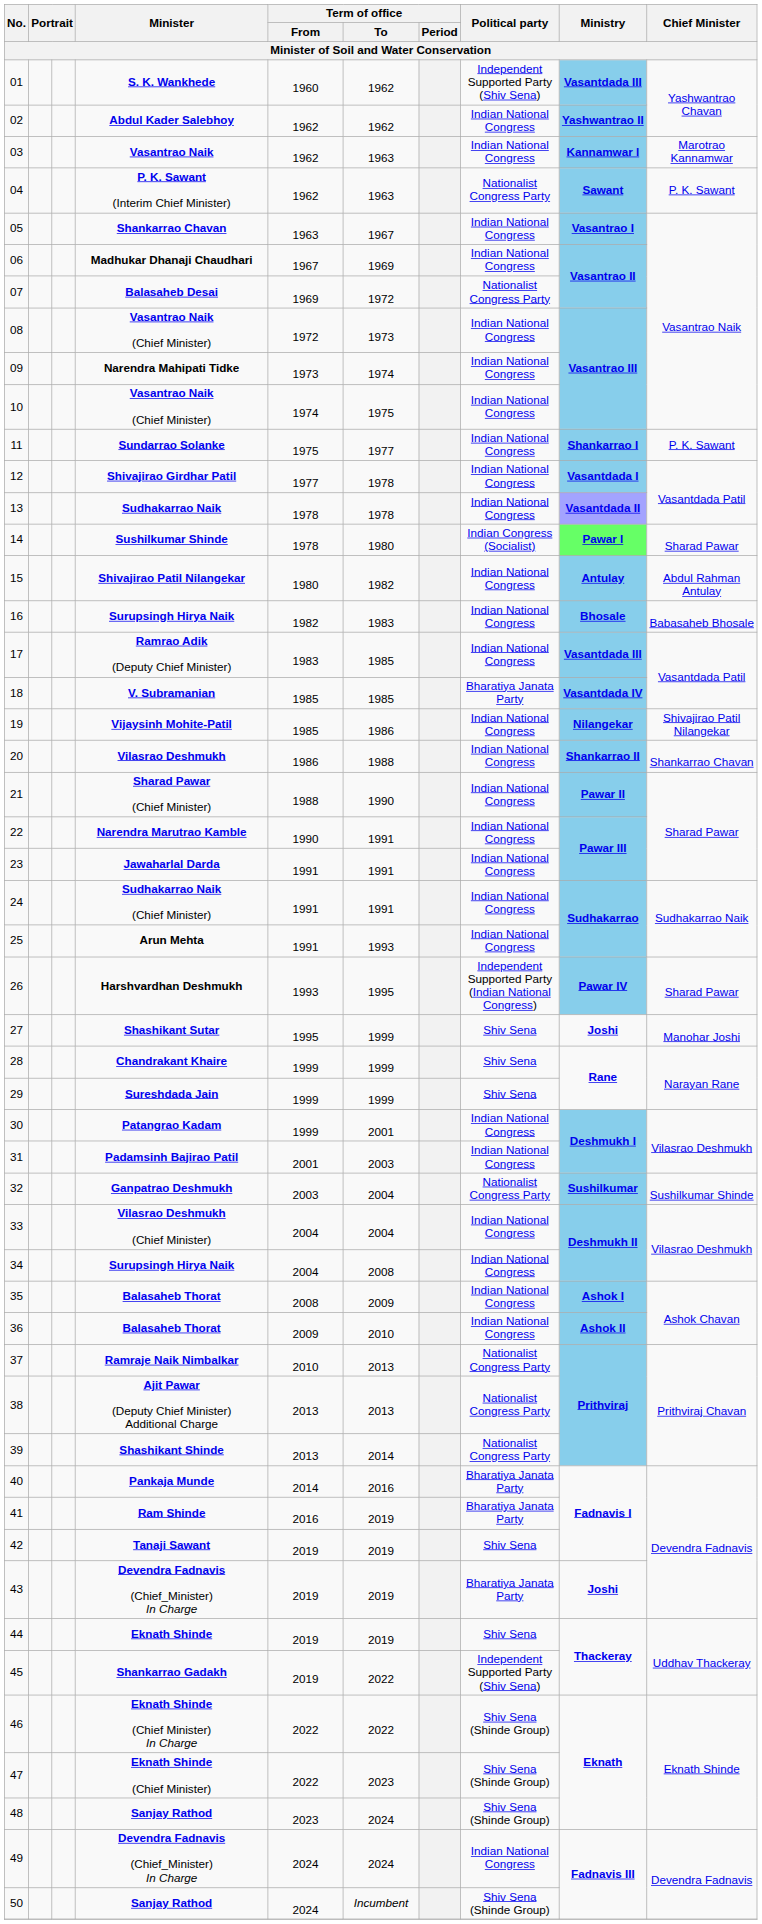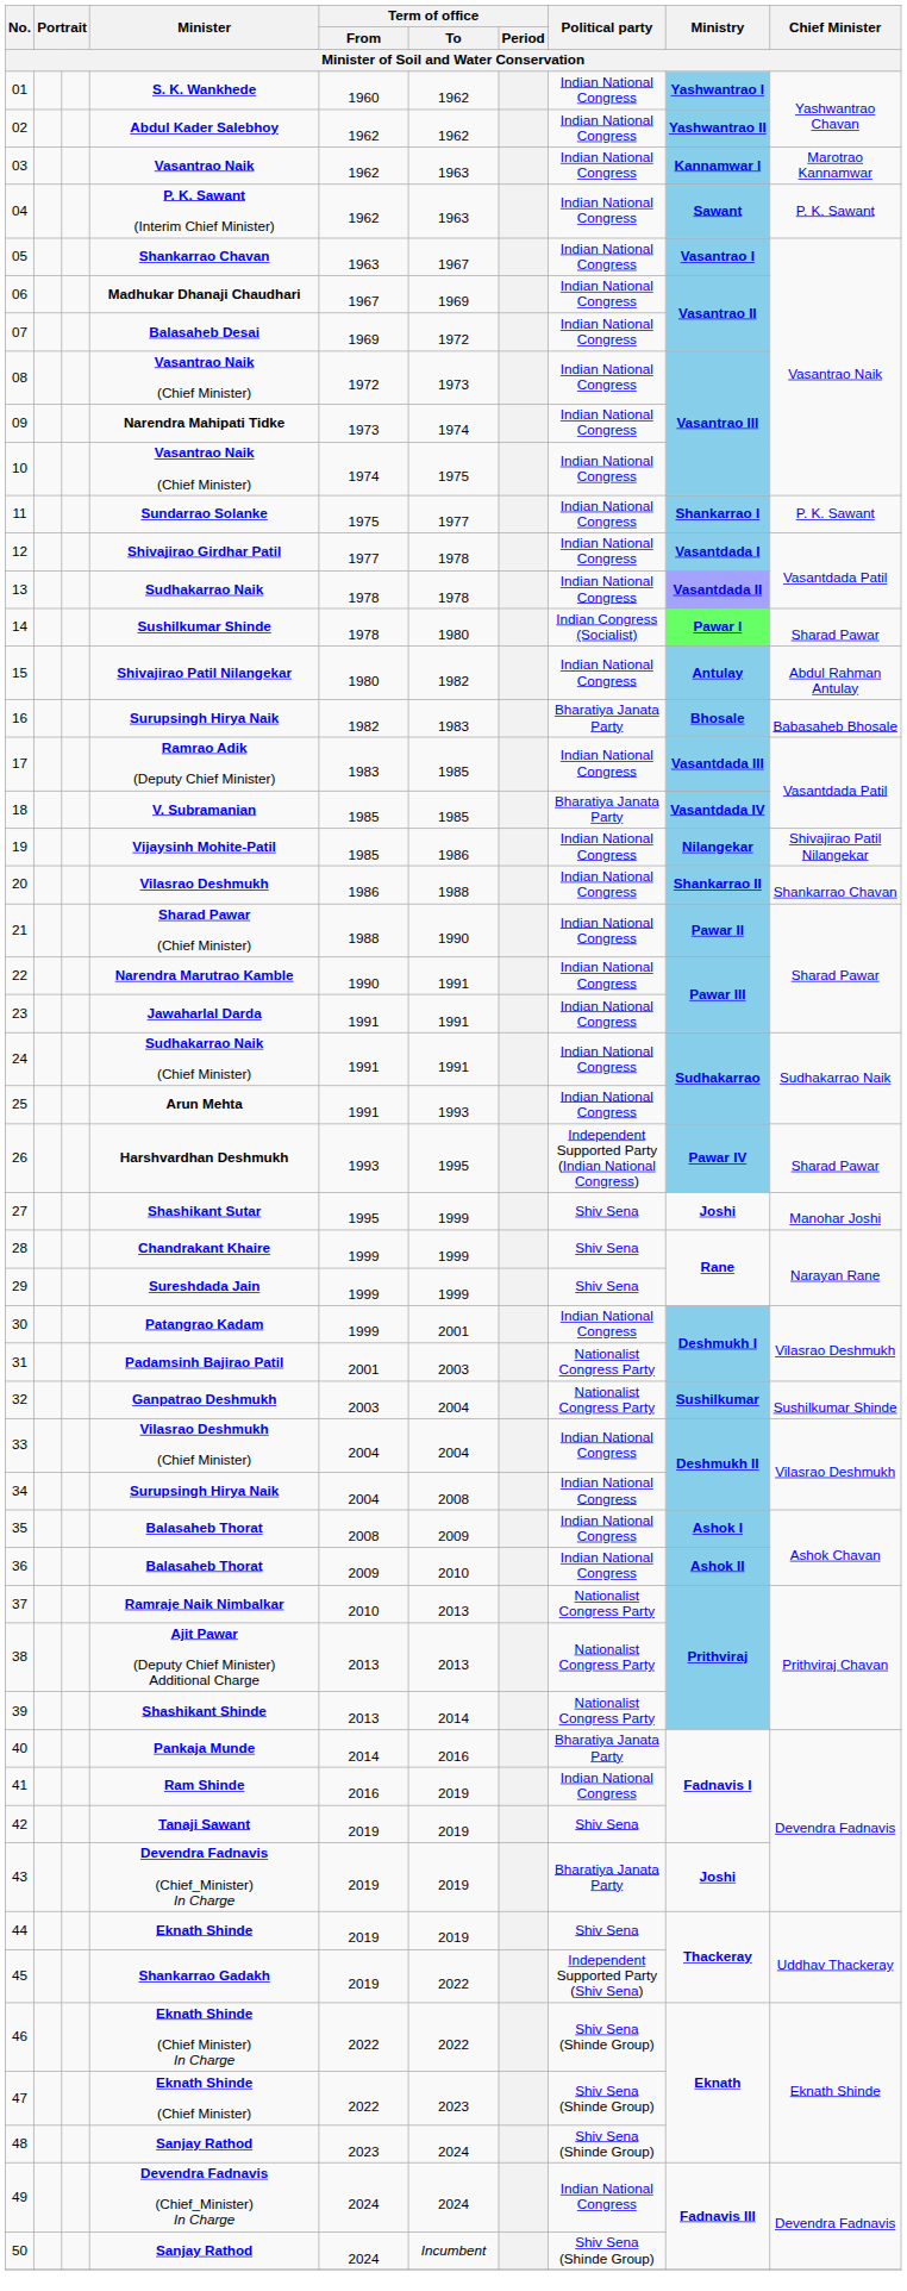 <table class="wikitable" style="text-align:center">
 <tr>
 <th rowspan="2">No.</th>
 <th rowspan="2" colspan="2">Portrait</th>
 <th rowspan="2" style="width:16em">Minister<br></th>
 <th colspan="3">Term of office</th>
 <th rowspan="2" style="width:8em">Political party</th>
 <th rowspan="2">Ministry</th>
 <th rowspan="2" style="width:9em">Chief Minister</th>
 </tr>
 <tr>
 <th style="width:6em">From</th>
 <th style="width:6em">To</th>
 <th>Period</th>
 </tr>
 <tr>
 <th colspan="10">Minister of Soil and Water Conservation</th>
 </tr>
 <tr>
 <td>01</td>
 <td style="color:inherit;background:"></td>
 <td></td>
 <td><strong><a href='#'>S. K. Wankhede</a></strong>  <br> </td>
 <td><br>1960</td>
 <td><br>1962</td>
 <th></th>
-<td><a href='#'>Independent</a> Supported Party (<a href='#'>Shiv Sena</a>)</td>
-<td rowspan="1" bgcolor="#87CEEB"><a href='#'><strong>Vasantdada III</strong></a></td>
+<td><a href='#'>Indian National Congress</a></td>
+<td bgcolor="#87CEEB"><a href='#'><strong>Yashwantrao I</strong></a></td>
 <td rowspan="2"> <br><a href='#'>Yashwantrao Chavan</a></td>
 </tr>
 <tr>
 <td>02</td>
 <td style="color:inherit;background:"></td>
 <td></td>
 <td><strong><a href='#'>Abdul Kader Salebhoy</a></strong>  <br> </td>
 <td><br>1962</td>
 <td><br>1962</td>
 <th></th>
 <td><a href='#'>Indian National Congress</a></td>
 <td bgcolor="#87CEEB"><a href='#'><strong>Yashwantrao II</strong></a></td>
 </tr>
 <tr>
 <td>03</td>
 <td style="color:inherit;background:"></td>
 <td></td>
 <td><strong><a href='#'>Vasantrao Naik</a></strong> <br> </td>
 <td><br>1962</td>
 <td><br>1963</td>
 <th></th>
 <td><a href='#'>Indian National Congress</a></td>
 <td bgcolor="#87CEEB"><a href='#'><strong>Kannamwar l</strong></a></td>
 <td><a href='#'>Marotrao Kannamwar</a></td>
 </tr>
 <tr>
 <td>04</td>
 <td style="color:inherit;background:"></td>
 <td></td>
 <td><strong><a href='#'>P. K. Sawant</a></strong> <br>  <br>(Interim Chief Minister)</td>
 <td><br>1962</td>
 <td><br>1963</td>
 <th></th>
-<td><a href='#'>Nationalist Congress Party</a></td>
+<td><a href='#'>Indian National Congress</a></td>
 <td bgcolor="#87CEEB"><a href='#'><strong>Sawant</strong></a></td>
 <td><a href='#'>P. K. Sawant</a></td>
 </tr>
 <tr>
 <td>05</td>
 <td style="color:inherit;background:"></td>
 <td></td>
 <td><strong><a href='#'>Shankarrao Chavan</a></strong> <br> </td>
 <td><br>1963</td>
 <td><br>1967</td>
 <th></th>
 <td><a href='#'>Indian National Congress</a></td>
 <td bgcolor="#87CEEB"><a href='#'><strong>Vasantrao I</strong></a></td>
 <td rowspan="6"><br><a href='#'>Vasantrao Naik</a></td>
 </tr>
 <tr>
 <td>06</td>
 <td style="color:inherit;background:"></td>
 <td></td>
 <td><strong>Madhukar Dhanaji Chaudhari</strong> <br> </td>
 <td><br>1967</td>
 <td><br>1969</td>
 <th></th>
 <td><a href='#'>Indian National Congress</a></td>
 <td rowspan="2" bgcolor="#87CEEB"><a href='#'><strong>Vasantrao II</strong></a></td>
 </tr>
 <tr>
 <td>07</td>
 <td style="color:inherit;background:"></td>
 <td></td>
 <td><strong><a href='#'>Balasaheb Desai</a></strong> <br> </td>
 <td><br>1969</td>
 <td><br>1972</td>
 <th></th>
-<td><a href='#'>Nationalist Congress Party</a></td>
+<td><a href='#'>Indian National Congress</a></td>
 </tr>
 <tr>
 <td>08</td>
 <td style="color:inherit;background:"></td>
 <td></td>
 <td><strong><a href='#'>Vasantrao Naik</a></strong> <br> <br> (Chief Minister)</td>
 <td><br>1972</td>
 <td><br>1973</td>
 <th></th>
 <td><a href='#'>Indian National Congress</a></td>
 <td rowspan="3" bgcolor="#87CEEB"><a href='#'><strong>Vasantrao III</strong></a></td>
 </tr>
 <tr>
 <td>09</td>
 <td style="color:inherit;background:"></td>
 <td></td>
 <td><strong>Narendra Mahipati Tidke</strong> <br> </td>
 <td><br>1973</td>
 <td><br>1974</td>
 <th></th>
 <td><a href='#'>Indian National Congress</a></td>
 </tr>
 <tr>
 <td>10</td>
 <td style="color:inherit;background:"></td>
 <td></td>
 <td><strong><a href='#'>Vasantrao Naik</a></strong> <br> <br> (Chief Minister)</td>
 <td><br>1974</td>
 <td><br>1975</td>
 <th></th>
 <td><a href='#'>Indian National Congress</a></td>
 </tr>
 <tr>
 <td>11</td>
 <td style="color:inherit;background:"></td>
 <td></td>
 <td><strong><a href='#'>Sundarrao Solanke</a></strong> <br> </td>
 <td><br>1975</td>
 <td><br>1977</td>
 <th></th>
 <td><a href='#'>Indian National Congress</a></td>
 <td rowspan="1" bgcolor="#87CEEB"><a href='#'><strong>Shankarrao I</strong></a></td>
 <td><a href='#'>P. K. Sawant</a></td>
 </tr>
 <tr>
 <td>12</td>
 <td style="color:inherit;background:"></td>
 <td></td>
 <td><strong><a href='#'>Shivajirao Girdhar Patil</a></strong> <br> </td>
 <td><br>1977</td>
 <td><br>1978</td>
 <th></th>
 <td><a href='#'>Indian National Congress</a></td>
 <td rowspan="1" bgcolor="#88CEEB"><a href='#'><strong>Vasantdada I</strong></a></td>
 <td rowspan="2"><br><a href='#'>Vasantdada Patil</a></td>
 </tr>
 <tr>
 <td>13</td>
 <td style="color:inherit;background:"></td>
 <td></td>
 <td><strong><a href='#'>Sudhakarrao Naik</a></strong> <br> </td>
 <td><br>1978</td>
 <td><br>1978</td>
 <th></th>
 <td><a href='#'>Indian National Congress</a></td>
 <td rowspan="1" bgcolor="#A3A3FF"><a href='#'><strong>Vasantdada II</strong></a></td>
 </tr>
 <tr>
 <td>14</td>
 <td style="color:inherit;background:"></td>
 <td></td>
 <td><strong><a href='#'>Sushilkumar Shinde</a></strong> <br> </td>
 <td><br>1978</td>
 <td><br>1980</td>
 <th></th>
 <td><a href='#'>Indian Congress (Socialist)</a></td>
 <td rowspan="1" bgcolor="#66FF66"><a href='#'><strong>Pawar I</strong></a></td>
 <td rowspan="1"><br><a href='#'>Sharad Pawar</a></td>
 </tr>
 <tr>
 <td>15</td>
 <td style="color:inherit;background:"></td>
 <td></td>
 <td><strong><a href='#'>Shivajirao Patil Nilangekar</a></strong> <br> </td>
 <td><br>1980</td>
 <td><br>1982</td>
 <th></th>
 <td><a href='#'>Indian National Congress</a></td>
 <td rowspan="1" bgcolor="#87CEEB"><a href='#'><strong>Antulay</strong></a></td>
 <td rowspan="1"> <br><a href='#'>Abdul Rahman Antulay</a></td>
 </tr>
 <tr>
 <td>16</td>
 <td style="color:inherit;background:"></td>
 <td></td>
 <td><strong><a href='#'>Surupsingh Hirya Naik</a></strong>  <br> </td>
 <td><br>1982</td>
 <td><br>1983</td>
 <th></th>
-<td><a href='#'>Indian National Congress</a></td>
+<td rowspan="1"><a href='#'>Bharatiya Janata Party</a></td>
 <td rowspan="1" bgcolor="#87CEEB"><a href='#'><strong>Bhosale</strong></a></td>
 <td rowspan="1"> <br><a href='#'>Babasaheb Bhosale</a></td>
 </tr>
 <tr>
 <td>17</td>
 <td style="color:inherit;background:"></td>
 <td></td>
 <td><strong><a href='#'>Ramrao Adik</a></strong> <br> <br> (Deputy Chief Minister)</td>
 <td><br>1983</td>
 <td><br>1985</td>
 <th></th>
 <td><a href='#'>Indian National Congress</a></td>
 <td rowspan="1" bgcolor="#87CEEB"><a href='#'><strong>Vasantdada III</strong></a></td>
 <td rowspan="2"><br><a href='#'>Vasantdada Patil</a></td>
 </tr>
 <tr>
 <td>18</td>
 <td style="color:inherit;background:"></td>
 <td></td>
 <td><strong><a href='#'>V. Subramanian</a></strong>  <br> </td>
 <td><br>1985</td>
 <td><br>1985</td>
 <th></th>
 <td><a href='#'>Bharatiya Janata Party</a></td>
 <td bgcolor="#87CEEB"><a href='#'><strong>Vasantdada IV</strong></a></td>
 </tr>
 <tr>
 <td>19</td>
 <td style="color:inherit;background:"></td>
 <td></td>
 <td><strong><a href='#'>Vijaysinh Mohite-Patil</a></strong>  <br> </td>
 <td><br>1985</td>
 <td><br>1986</td>
 <th></th>
 <td><a href='#'>Indian National Congress</a></td>
 <td bgcolor="#87CEEB"><a href='#'><strong>Nilangekar</strong></a></td>
 <td><a href='#'>Shivajirao Patil Nilangekar</a></td>
 </tr>
 <tr>
 <td>20</td>
 <td style="color:inherit;background:"></td>
 <td></td>
 <td><strong><a href='#'>Vilasrao Deshmukh</a></strong> <br> </td>
 <td><br>1986</td>
 <td><br>1988</td>
 <th></th>
 <td><a href='#'>Indian National Congress</a></td>
 <td rowspan="1"bgcolor="#87CEEB"><a href='#'><strong>Shankarrao II</strong></a></td>
 <td rowspan="1"> <br><a href='#'>Shankarrao Chavan</a></td>
 </tr>
 <tr>
 <td>21</td>
 <td style="color:inherit;background:"></td>
 <td></td>
 <td><strong><a href='#'>Sharad Pawar</a></strong>  <br> <br> (Chief Minister)</td>
 <td><br>1988</td>
 <td><br>1990</td>
 <th></th>
 <td><a href='#'>Indian National Congress</a></td>
 <td rowspan="1" bgcolor="#87CEEB"><a href='#'><strong>Pawar II</strong></a></td>
 <td rowspan="3"> <br><a href='#'>Sharad Pawar</a></td>
 </tr>
 <tr>
 <td>22</td>
 <td style="color:inherit;background:"></td>
 <td></td>
 <td><strong><a href='#'>Narendra Marutrao Kamble</a></strong> <br> </td>
 <td><br>1990</td>
 <td><br>1991</td>
 <th></th>
 <td><a href='#'>Indian National Congress</a></td>
 <td rowspan="2" bgcolor="#87CEEB"><a href='#'><strong>Pawar III</strong></a></td>
 </tr>
 <tr>
 <td>23</td>
 <td style="color:inherit;background:"></td>
 <td></td>
 <td><strong><a href='#'>Jawaharlal Darda</a></strong> <br> </td>
 <td><br>1991</td>
 <td><br>1991</td>
 <th></th>
 <td><a href='#'>Indian National Congress</a></td>
 </tr>
 <tr>
 <td>24</td>
 <td style="color:inherit;background:"></td>
 <td></td>
 <td><strong><a href='#'>Sudhakarrao Naik</a></strong> <br> <br> (Chief Minister)</td>
 <td><br>1991</td>
 <td><br>1991</td>
 <th></th>
 <td><a href='#'>Indian National Congress</a></td>
 <td rowspan="2" bgcolor="#87CEEB"><a href='#'><strong>Sudhakarrao</strong></a></td>
 <td rowspan="2"><a href='#'>Sudhakarrao Naik</a></td>
 </tr>
 <tr>
 <td>25</td>
 <td style="color:inherit;background:"></td>
 <td></td>
 <td><strong>Arun Mehta</strong> <br> </td>
 <td><br>1991</td>
 <td><br>1993</td>
 <th></th>
 <td><a href='#'>Indian National Congress</a></td>
 </tr>
 <tr>
 <td>26</td>
 <td style="color:inherit;background:"></td>
 <td></td>
 <td><strong>Harshvardhan Deshmukh</strong> <br> </td>
 <td><br>1993</td>
 <td><br>1995</td>
 <th></th>
 <td><a href='#'>Independent</a> Supported Party (<a href='#'>Indian National Congress</a>)</td>
 <td bgcolor="#87CEEB"><a href='#'><strong>Pawar IV</strong></a></td>
 <td> <br><a href='#'>Sharad Pawar</a></td>
 </tr>
 <tr>
 <td>27</td>
 <td style="color:inherit;background:"></td>
 <td></td>
 <td><strong><a href='#'>Shashikant Sutar</a></strong> <br> </td>
 <td><br>1995</td>
 <td><br>1999</td>
 <th></th>
 <td><a href='#'>Shiv Sena</a></td>
 <td rowspan="1"><a href='#'><strong>Joshi</strong></a></td>
 <td rowspan="1"> <br><a href='#'>Manohar Joshi</a></td>
 </tr>
 <tr>
 <td>28</td>
 <td style="color:inherit;background:"></td>
 <td></td>
 <td><strong><a href='#'>Chandrakant Khaire</a></strong> <br> </td>
 <td><br>1999</td>
 <td><br>1999</td>
 <th></th>
 <td><a href='#'>Shiv Sena</a></td>
 <td rowspan="2"><a href='#'><strong>Rane</strong></a></td>
 <td rowspan="2"> <br><a href='#'>Narayan Rane</a></td>
 </tr>
 <tr>
 <td>29</td>
 <td style="color:inherit;background:"></td>
 <td></td>
 <td><strong><a href='#'>Sureshdada Jain</a></strong> <br> </td>
 <td><br>1999</td>
 <td><br>1999</td>
 <th></th>
 <td><a href='#'>Shiv Sena</a></td>
 </tr>
 <tr>
 <td>30</td>
 <td style="color:inherit;background:"></td>
 <td></td>
 <td><strong><a href='#'>Patangrao Kadam</a></strong> <br> </td>
 <td><br>1999</td>
 <td><br>2001</td>
 <th></th>
 <td><a href='#'>Indian National Congress</a></td>
 <td rowspan="2" bgcolor="#87CEEB"><a href='#'><strong>Deshmukh I</strong></a></td>
 <td rowspan="2"> <br><a href='#'>Vilasrao Deshmukh</a></td>
 </tr>
 <tr>
 <td>31</td>
 <td style="color:inherit;background:"></td>
 <td></td>
 <td><strong><a href='#'>Padamsinh Bajirao Patil</a></strong> <br> </td>
 <td><br>2001</td>
 <td><br>2003</td>
 <th></th>
-<td><a href='#'>Indian National Congress</a></td>
+<td><a href='#'>Nationalist Congress Party</a></td>
 </tr>
 <tr>
 <td>32</td>
 <td style="color:inherit;background:"></td>
 <td></td>
 <td><strong><a href='#'>Ganpatrao Deshmukh</a></strong> <br> </td>
 <td><br>2003</td>
 <td><br>2004</td>
 <th></th>
 <td><a href='#'>Nationalist Congress Party</a></td>
 <td rowspan="1" bgcolor="#87CEEB"><a href='#'><strong>Sushilkumar</strong></a></td>
 <td rowspan="1"> <br><a href='#'>Sushilkumar Shinde</a></td>
 </tr>
 <tr>
 <td>33</td>
 <td style="color:inherit;background:"></td>
 <td></td>
 <td><strong><a href='#'>Vilasrao Deshmukh</a></strong> <br> <br> (Chief Minister)</td>
 <td><br>2004</td>
 <td><br>2004</td>
 <th></th>
 <td><a href='#'>Indian National Congress</a></td>
 <td rowspan="2" bgcolor="#87CEEB"><a href='#'><strong>Deshmukh II</strong></a></td>
 <td rowspan="2"> <br><a href='#'>Vilasrao Deshmukh</a></td>
 </tr>
 <tr>
 <td>34</td>
 <td style="color:inherit;background:"></td>
 <td></td>
 <td><strong><a href='#'>Surupsingh Hirya Naik</a></strong> <br> </td>
 <td><br>2004</td>
 <td><br>2008</td>
 <th></th>
 <td><a href='#'>Indian National Congress</a></td>
 </tr>
 <tr>
 <td>35</td>
 <td style="color:inherit;background:"></td>
 <td></td>
 <td><strong><a href='#'>Balasaheb Thorat</a></strong> <br> </td>
 <td><br>2008</td>
 <td><br>2009</td>
 <th></th>
 <td><a href='#'>Indian National Congress</a></td>
 <td bgcolor="#87CEEB"><a href='#'><strong>Ashok I</strong></a></td>
 <td rowspan="2"><br><a href='#'>Ashok Chavan</a></td>
 </tr>
 <tr>
 <td>36</td>
 <td style="color:inherit;background:"></td>
 <td></td>
 <td><strong><a href='#'>Balasaheb Thorat</a></strong> <br> </td>
 <td><br>2009</td>
 <td><br>2010</td>
 <th></th>
 <td><a href='#'>Indian National Congress</a></td>
 <td bgcolor="#87CEEB"><a href='#'><strong>Ashok II</strong></a></td>
 </tr>
 <tr>
 <td>37</td>
 <td style="color:inherit;background:"></td>
 <td></td>
 <td><strong><a href='#'>Ramraje Naik Nimbalkar</a></strong> <br> </td>
 <td><br>2010</td>
 <td><br>2013</td>
 <th></th>
 <td><a href='#'>Nationalist Congress Party</a></td>
 <td rowspan="3" bgcolor="#87CEEB"><a href='#'><strong>Prithviraj</strong></a></td>
 <td rowspan="3"><br><a href='#'>Prithviraj Chavan</a></td>
 </tr>
 <tr>
 <td>38</td>
 <td style="color:inherit;background:"></td>
 <td></td>
 <td><strong><a href='#'>Ajit Pawar</a></strong> <br> <br>(Deputy Chief Minister)<br>Additional Charge</td>
 <td><br>2013</td>
 <td><br>2013</td>
 <th></th>
 <td><a href='#'>Nationalist Congress Party</a></td>
 </tr>
 <tr>
 <td>39</td>
 <td style="color:inherit;background:"></td>
 <td></td>
 <td><strong><a href='#'>Shashikant Shinde</a></strong> <br> </td>
 <td><br>2013</td>
 <td><br>2014</td>
 <th></th>
 <td><a href='#'>Nationalist Congress Party</a></td>
 </tr>
 <tr>
 <td>40</td>
 <td style="color:inherit;background:"></td>
 <td></td>
 <td><strong><a href='#'>Pankaja Munde</a></strong>  <br> </td>
 <td><br>2014</td>
 <td><br>2016</td>
 <th></th>
 <td rowspan="1"><a href='#'>Bharatiya Janata Party</a></td>
 <td rowspan="3"><a href='#'><strong>Fadnavis I</strong></a></td>
 <td rowspan="4"> <br><a href='#'>Devendra Fadnavis</a></td>
 </tr>
 <tr>
 <td>41</td>
 <td style="color:inherit;background:"></td>
 <td></td>
 <td><strong><a href='#'>Ram Shinde</a></strong> <br> </td>
 <td><br>2016</td>
 <td><br>2019</td>
 <th></th>
-<td rowspan="1"><a href='#'>Bharatiya Janata Party</a></td>
+<td><a href='#'>Indian National Congress</a></td>
 </tr>
 <tr>
 <td>42</td>
 <td style="color:inherit;background:"></td>
 <td></td>
 <td><strong><a href='#'>Tanaji Sawant</a></strong> <br> </td>
 <td><br>2019</td>
 <td><br>2019</td>
 <th></th>
 <td><a href='#'>Shiv Sena</a></td>
 </tr>
 <tr>
 <td>43</td>
 <td style="color:inherit;background:"></td>
 <td></td>
 <td><strong><a href='#'>Devendra Fadnavis</a></strong>  <br> <br>(Chief_Minister) <br><em>In Charge</em></td>
 <td><br>2019</td>
 <td><br>2019</td>
 <th></th>
 <td><a href='#'>Bharatiya Janata Party</a></td>
 <td rowspan="1"><a href='#'><strong>Joshi</strong></a></td>
 </tr>
 <tr>
 <td>44</td>
 <td style="color:inherit;background:"></td>
 <td></td>
 <td><strong><a href='#'>Eknath Shinde</a></strong> <br> </td>
 <td><br>2019</td>
 <td><br>2019</td>
 <th></th>
 <td><a href='#'>Shiv Sena</a></td>
 <td rowspan="2"><a href='#'><strong>Thackeray</strong></a></td>
 <td rowspan="2"> <br><a href='#'>Uddhav Thackeray</a></td>
 </tr>
 <tr>
 <td>45</td>
 <td style="color:inherit;background:"></td>
 <td></td>
 <td><strong><a href='#'>Shankarrao Gadakh</a></strong> <br> </td>
 <td><br>2019</td>
 <td><br>2022</td>
 <th></th>
 <td><a href='#'>Independent</a> Supported Party (<a href='#'>Shiv Sena</a>)</td>
 </tr>
 <tr>
 <td>46</td>
 <td style="color:inherit;background:"></td>
 <td></td>
 <td><strong><a href='#'>Eknath Shinde</a></strong> <br>  <br>(Chief Minister)<br><em>In Charge</em></td>
 <td><br>2022</td>
 <td><br>2022</td>
 <th></th>
 <td><a href='#'>Shiv Sena</a> (Shinde Group)</td>
 <td rowspan="3"><a href='#'><strong>Eknath</strong></a></td>
 <td rowspan="3"> <br><a href='#'>Eknath Shinde</a></td>
 </tr>
 <tr>
 <td>47</td>
 <td style="color:inherit;background:"></td>
 <td></td>
 <td><strong><a href='#'>Eknath Shinde</a></strong> <br>  <br>(Chief Minister)</td>
 <td><br>2022</td>
 <td><br>2023</td>
 <th></th>
 <td><a href='#'>Shiv Sena</a> (Shinde Group)</td>
 </tr>
 <tr>
 <td>48</td>
 <td style="color:inherit;background:"></td>
 <td></td>
 <td><strong><a href='#'>Sanjay Rathod</a></strong> <br> </td>
 <td><br>2023</td>
 <td><br>2024</td>
 <th></th>
 <td><a href='#'>Shiv Sena</a> (Shinde Group)</td>
 </tr>
 <tr>
 <td>49</td>
 <td style="color:inherit;background:"></td>
 <td></td>
 <td><strong><a href='#'>Devendra Fadnavis</a></strong>  <br> <br>(Chief_Minister) <br><em>In Charge</em></td>
 <td><br>2024</td>
 <td><br>2024</td>
 <th></th>
 <td><a href='#'>Indian National Congress</a></td>
 <td rowspan="2"><a href='#'><strong>Fadnavis III</strong></a></td>
 <td rowspan="2"> <br><a href='#'>Devendra Fadnavis</a></td>
 </tr>
 <tr>
 <td>50</td>
 <td style="color:inherit;background:"></td>
 <td></td>
 <td><strong><a href='#'>Sanjay Rathod</a></strong> <br> </td>
 <td><br>2024</td>
 <td><em>Incumbent</em></td>
 <th></th>
 <td><a href='#'>Shiv Sena</a> (Shinde Group)</td>
 </tr>
 <tr>
 </tr>
 </table>
